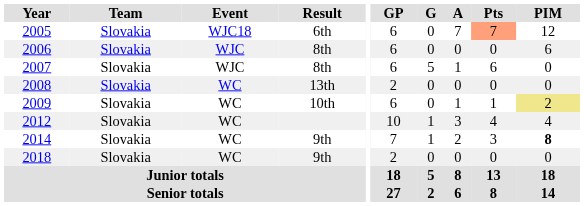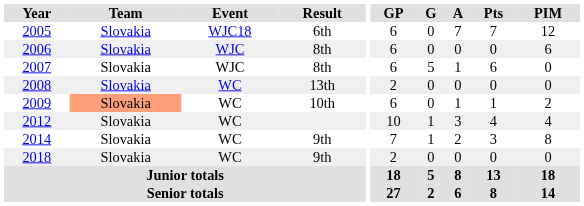 <table border="0" cellpadding="1" cellspacing="0" ID="Table3" style="text-align:center; width:40em">
 <tr ALIGN="center" bgcolor="#e0e0e0">
 <th>Year</th>
 <th>Team</th>
 <th>Event</th>
 <th>Result</th>
 <th rowspan="99" bgcolor="#ffffff"></th>
 <th>GP</th>
 <th>G</th>
 <th>A</th>
 <th>Pts</th>
 <th>PIM</th>
 </tr>
 <tr>
 <td><a href='#'>2005</a></td>
 <td><a href='#'>Slovakia</a></td>
 <td><a href='#'>WJC18</a></td>
 <td>6th</td>
 <td>6</td>
 <td>0</td>
 <td>7</td>
-<td style="background: lightsalmon;">7</td>
+<td>7</td>
 <td>12</td>
 </tr>
 <tr bgcolor="#f0f0f0">
 <td><a href='#'>2006</a></td>
 <td><a href='#'>Slovakia</a></td>
 <td><a href='#'>WJC</a></td>
 <td>8th</td>
 <td>6</td>
 <td>0</td>
 <td>0</td>
 <td>0</td>
 <td>6</td>
 </tr>
 <tr>
 <td><a href='#'>2007</a></td>
 <td>Slovakia</td>
 <td>WJC</td>
 <td>8th</td>
 <td>6</td>
 <td>5</td>
 <td>1</td>
 <td>6</td>
 <td>0</td>
 </tr>
 <tr bgcolor="#f0f0f0">
 <td><a href='#'>2008</a></td>
 <td><a href='#'>Slovakia</a></td>
 <td><a href='#'>WC</a></td>
 <td>13th</td>
 <td>2</td>
 <td>0</td>
 <td>0</td>
 <td>0</td>
 <td>0</td>
 </tr>
 <tr>
 <td><a href='#'>2009</a></td>
-<td>Slovakia</td>
+<td style="background: lightsalmon;">Slovakia</td>
 <td>WC</td>
 <td>10th</td>
 <td>6</td>
 <td>0</td>
 <td>1</td>
 <td>1</td>
-<td style="background: khaki;">2</td>
+<td>2</td>
 </tr>
 <tr bgcolor="#f0f0f0">
 <td><a href='#'>2012</a></td>
 <td>Slovakia</td>
 <td>WC</td>
 <td></td>
 <td>10</td>
 <td>1</td>
 <td>3</td>
 <td>4</td>
 <td>4</td>
 </tr>
 <tr>
 <td><a href='#'>2014</a></td>
 <td>Slovakia</td>
 <td>WC</td>
 <td>9th</td>
 <td>7</td>
 <td>1</td>
 <td>2</td>
 <td>3</td>
-<td><strong>8</strong></td>
+<td>8</td>
 </tr>
 <tr bgcolor="#f0f0f0">
 <td><a href='#'>2018</a></td>
 <td>Slovakia</td>
 <td>WC</td>
 <td>9th</td>
 <td>2</td>
 <td>0</td>
 <td>0</td>
 <td>0</td>
 <td>0</td>
 </tr>
 <tr bgcolor="#e0e0e0">
 <th colspan="4">Junior totals</th>
 <th>18</th>
 <th>5</th>
 <th>8</th>
 <th>13</th>
 <th>18</th>
 </tr>
 <tr bgcolor="#e0e0e0">
 <th colspan="4">Senior totals</th>
 <th>27</th>
 <th>2</th>
 <th>6</th>
 <th>8</th>
 <th>14</th>
 </tr>
 </table>
